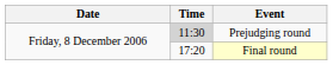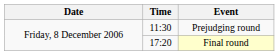 <table class = "wikitable" style="text-align:center;">
 <tr>
 <th width=220>Date</th>
 <th width=50>Time</th>
 <th width=150>Event</th>
 </tr>
 <tr>
 <td rowspan=2>Friday, 8 December 2006</td>
-<td style="background: lightgrey;">11:30</td>
+<td>11:30</td>
 <td>Prejudging round</td>
 </tr>
 <tr>
 <td>17:20</td>
 <td bgcolor=ffffcc>Final round</td>
 </tr>
 </table>
